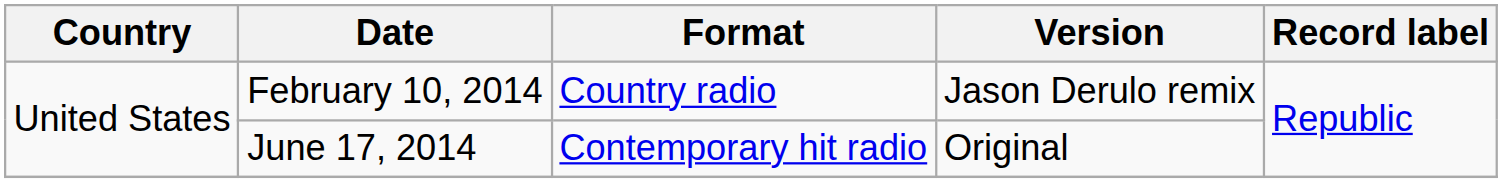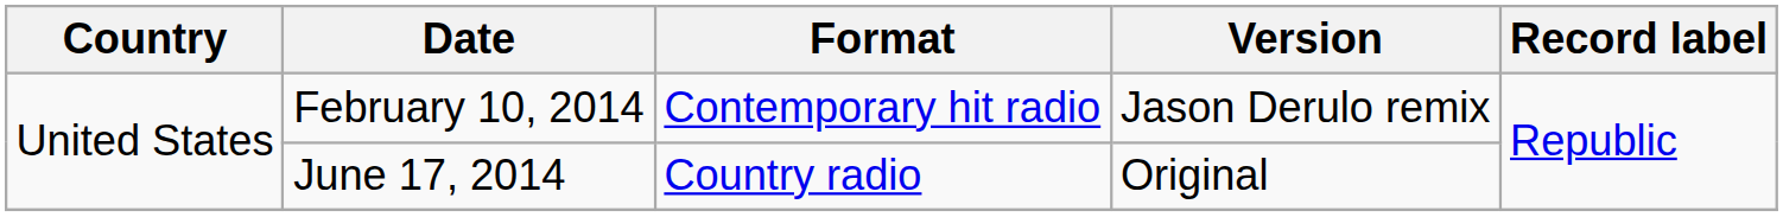 <table class="wikitable plainrowheaders">
 <tr>
 <th scope="col">Country</th>
 <th scope="col">Date</th>
 <th scope="col">Format</th>
 <th scope="col">Version</th>
 <th scope="col">Record label</th>
 </tr>
 <tr>
 <td rowspan="2">United States</td>
 <td>February 10, 2014</td>
-<td><a href='#'>Country radio</a></td>
+<td><a href='#'>Contemporary hit radio</a></td>
 <td>Jason Derulo remix</td>
 <td rowspan="2"><a href='#'>Republic</a></td>
 </tr>
 <tr>
 <td>June 17, 2014</td>
-<td><a href='#'>Contemporary hit radio</a></td>
+<td><a href='#'>Country radio</a></td>
 <td>Original</td>
 </tr>
 <tr>
 </tr>
 </table>
